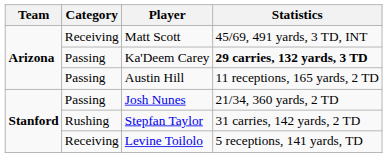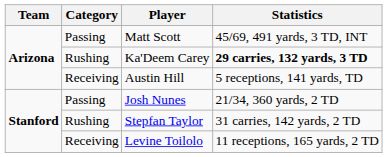 <table class="wikitable" style="float: right;">
 <tr>
 <th>Team</th>
 <th>Category</th>
 <th>Player</th>
 <th>Statistics</th>
 </tr>
 <tr>
 <td rowspan=3><strong>Arizona</strong></td>
-<td>Receiving</td>
+<td>Passing</td>
 <td>Matt Scott</td>
 <td>45/69, 491 yards, 3 TD, INT</td>
 </tr>
 <tr>
-<td>Passing</td>
+<td>Rushing</td>
 <td>Ka'Deem Carey</td>
 <td><strong>29 carries, 132 yards, 3 TD</strong></td>
 </tr>
 <tr>
-<td>Passing</td>
+<td>Receiving</td>
 <td>Austin Hill</td>
-<td>11 receptions, 165 yards, 2 TD</td>
+<td>5 receptions, 141 yards, TD</td>
 </tr>
 <tr>
 <td rowspan=3><strong>Stanford</strong></td>
 <td>Passing</td>
 <td><a href='#'>Josh Nunes</a></td>
 <td>21/34, 360 yards, 2 TD</td>
 </tr>
 <tr>
 <td>Rushing</td>
 <td><a href='#'>Stepfan Taylor</a></td>
 <td>31 carries, 142 yards, 2 TD</td>
 </tr>
 <tr>
 <td>Receiving</td>
 <td><a href='#'>Levine Toilolo</a></td>
-<td>5 receptions, 141 yards, TD</td>
+<td>11 receptions, 165 yards, 2 TD</td>
 </tr>
 </table>
